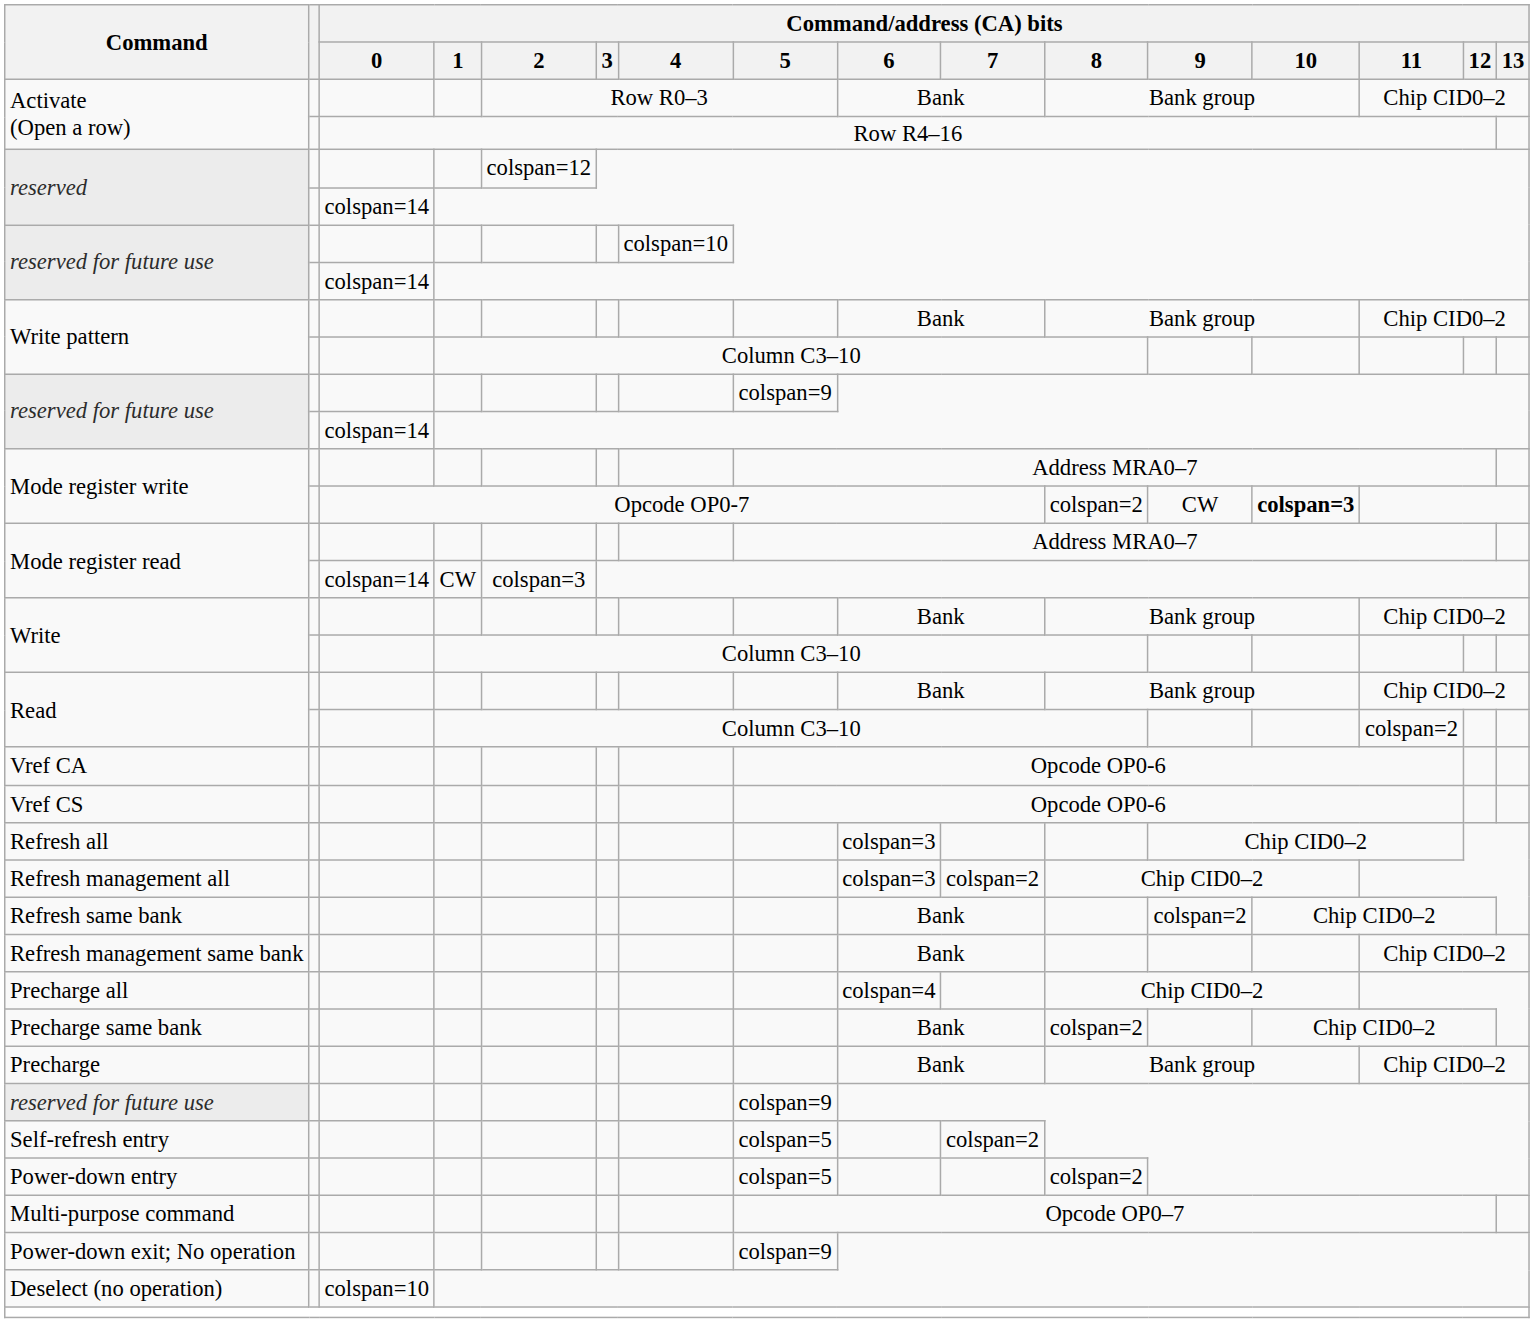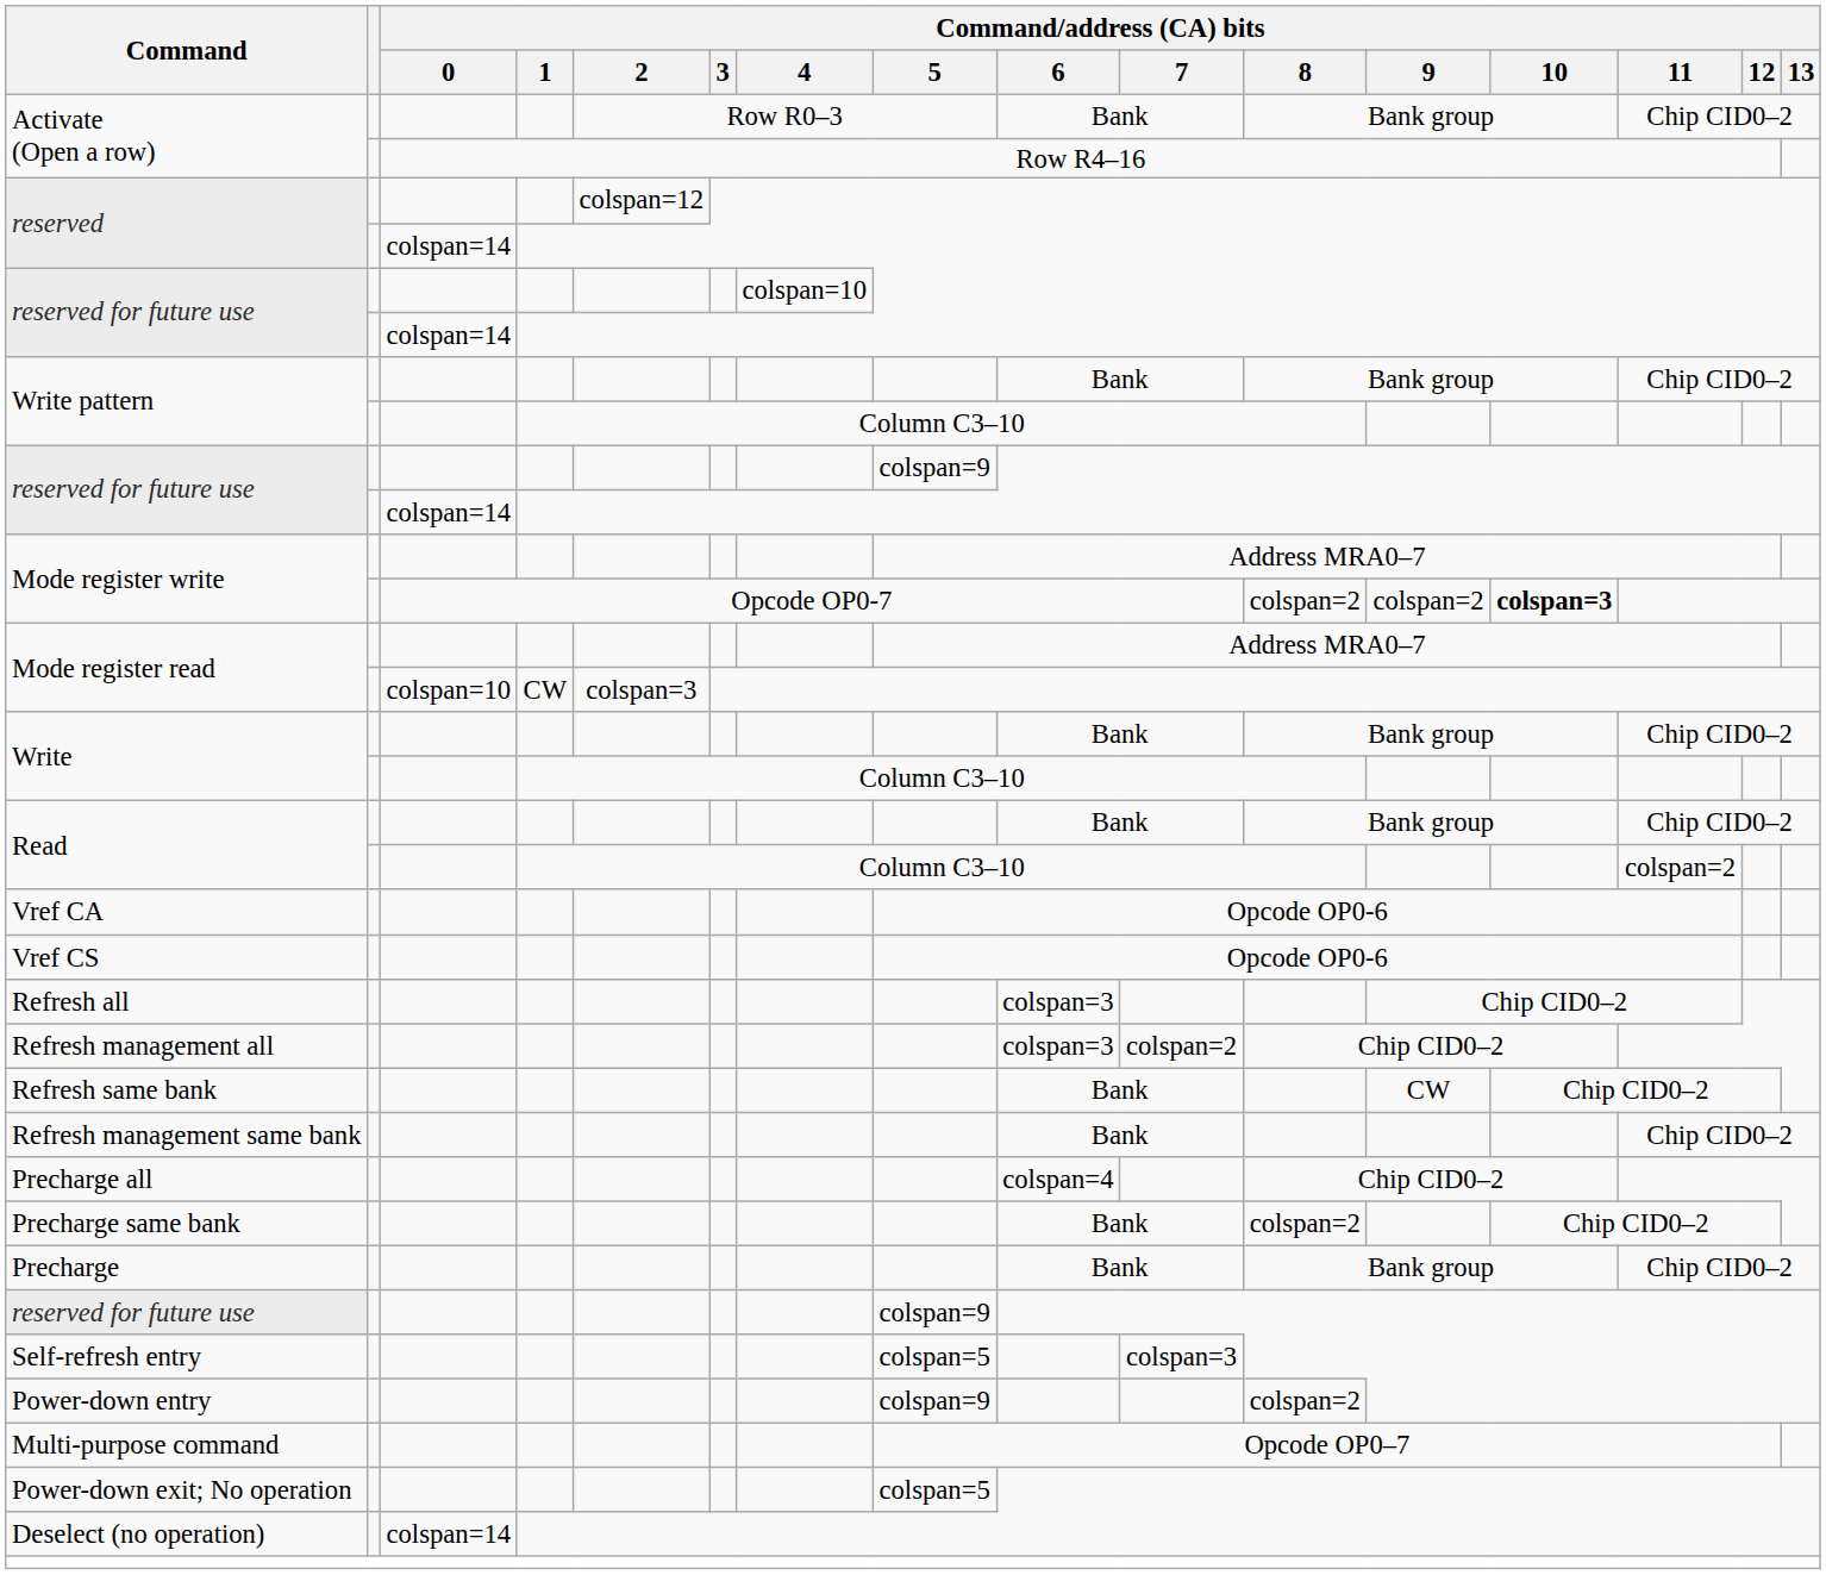 <table class="wikitable plainrowheaders" style= "text-align: center; font-size: 95%;">
 <tr>
 <th rowspan=2>Command</th>
 <th rowspan=2></th>
 <th colspan=14>Command/address (CA) bits</th>
 </tr>
 <tr>
 <th>0</th>
 <th>1</th>
 <th>2</th>
 <th>3</th>
 <th>4</th>
 <th>5</th>
 <th>6</th>
 <th>7</th>
 <th>8</th>
 <th>9</th>
 <th>10</th>
 <th>11</th>
 <th>12</th>
 <th>13</th>
 </tr>
 <tr>
 <td style="text-align:left;" rowspan=2>Activate <br>(Open a row)</td>
 <td></td>
 <td></td>
 <td></td>
 <td colspan=4>Row R0–3</td>
 <td colspan=2>Bank</td>
 <td colspan=3>Bank group</td>
 <td colspan=3>Chip CID0–2</td>
 </tr>
 <tr style="line-height:100%">
 <td></td>
 <td colspan=13>Row R4–16</td>
 <td></td>
 </tr>
 <tr>
 <td style="text-align:left; background: #ececec; color: #2C2C2C;" rowspan=2><em>reserved</em></td>
 <td></td>
 <td></td>
 <td></td>
 <td>colspan=12 </td>
 </tr>
 <tr>
 <td></td>
 <td>colspan=14 </td>
 </tr>
 <tr>
 <td style="text-align:left; background: #ececec; color: #2C2C2C;" rowspan=2><em>reserved for future use</em></td>
 <td></td>
 <td></td>
 <td></td>
 <td></td>
 <td></td>
 <td>colspan=10 </td>
 </tr>
 <tr>
 <td></td>
 <td>colspan=14 </td>
 </tr>
 <tr>
 <td style="text-align:left;" rowspan=2>Write pattern</td>
 <td></td>
 <td></td>
 <td></td>
 <td></td>
 <td></td>
 <td></td>
 <td></td>
 <td colspan=2>Bank</td>
 <td colspan=3>Bank group</td>
 <td colspan=3>Chip CID0–2</td>
 </tr>
 <tr>
 <td></td>
 <td></td>
 <td colspan=8>Column C3–10</td>
 <td></td>
 <td></td>
 <td></td>
 <td></td>
 <td></td>
 </tr>
 <tr>
 <td style="text-align:left; background: #ececec; color: #2C2C2C;" rowspan=2><em>reserved for future use</em></td>
 <td></td>
 <td></td>
 <td></td>
 <td></td>
 <td></td>
 <td></td>
 <td>colspan=9 </td>
 </tr>
 <tr>
 <td></td>
 <td>colspan=14 </td>
 </tr>
 <tr>
 <td style="text-align:left;" rowspan=2>Mode register write</td>
 <td></td>
 <td></td>
 <td></td>
 <td></td>
 <td></td>
 <td></td>
 <td colspan=8>Address MRA0–7</td>
 <td></td>
 </tr>
 <tr>
 <td></td>
 <td colspan=8>Opcode OP0-7</td>
 <td>colspan=2 </td>
-<td>CW</td>
+<td>colspan=2 </td>
 <td><strong>colspan=3 </strong></td>
 </tr>
 <tr>
 <td style="text-align:left;" rowspan=2>Mode register read</td>
 <td></td>
 <td></td>
 <td></td>
 <td></td>
 <td></td>
 <td></td>
 <td colspan=8>Address MRA0–7</td>
 <td></td>
 </tr>
 <tr>
 <td></td>
-<td>colspan=14 </td>
+<td>colspan=10 </td>
 <td>CW</td>
 <td>colspan=3 </td>
 </tr>
 <tr>
 <td style="text-align:left;" rowspan=2>Write</td>
 <td></td>
 <td></td>
 <td></td>
 <td></td>
 <td></td>
 <td></td>
 <td></td>
 <td colspan=2>Bank</td>
 <td colspan=3>Bank group</td>
 <td colspan=3>Chip CID0–2</td>
 </tr>
 <tr>
 <td></td>
 <td></td>
 <td colspan=8>Column C3–10</td>
 <td></td>
 <td></td>
 <td></td>
 <td></td>
 <td></td>
 </tr>
 <tr>
 <td style="text-align:left;" rowspan=2>Read</td>
 <td></td>
 <td></td>
 <td></td>
 <td></td>
 <td></td>
 <td></td>
 <td></td>
 <td colspan=2>Bank</td>
 <td colspan=3>Bank group</td>
 <td colspan=3>Chip CID0–2</td>
 </tr>
 <tr>
 <td></td>
 <td></td>
 <td colspan=8>Column C3–10</td>
 <td></td>
 <td></td>
 <td>colspan=2 </td>
 <td></td>
 </tr>
 <tr>
 <td style="text-align:left;">Vref CA</td>
 <td></td>
 <td></td>
 <td></td>
 <td></td>
 <td></td>
 <td></td>
 <td colspan=7>Opcode OP0-6</td>
 <td></td>
 <td></td>
 </tr>
 <tr>
 <td style="text-align:left;">Vref CS</td>
 <td></td>
 <td></td>
 <td></td>
 <td></td>
 <td></td>
 <td></td>
 <td colspan=7>Opcode OP0-6</td>
 <td></td>
 <td></td>
 </tr>
 <tr>
 <td style="text-align:left;">Refresh all</td>
 <td></td>
 <td></td>
 <td></td>
 <td></td>
 <td></td>
 <td></td>
 <td></td>
 <td>colspan=3 </td>
 <td></td>
 <td></td>
 <td colspan=3>Chip CID0–2</td>
 </tr>
 <tr>
 <td style="text-align:left;">Refresh management all</td>
 <td></td>
 <td></td>
 <td></td>
 <td></td>
 <td></td>
 <td></td>
 <td></td>
 <td>colspan=3 </td>
 <td>colspan=2 </td>
 <td colspan=3>Chip CID0–2</td>
 </tr>
 <tr>
 <td style="text-align:left;">Refresh same bank</td>
 <td></td>
 <td></td>
 <td></td>
 <td></td>
 <td></td>
 <td></td>
 <td></td>
 <td colspan=2>Bank</td>
 <td></td>
-<td>colspan=2 </td>
+<td>CW</td>
 <td colspan=3>Chip CID0–2</td>
 </tr>
 <tr>
 <td style="text-align:left;">Refresh management same bank</td>
 <td></td>
 <td></td>
 <td></td>
 <td></td>
 <td></td>
 <td></td>
 <td></td>
 <td colspan=2>Bank</td>
 <td></td>
 <td></td>
 <td></td>
 <td colspan=3>Chip CID0–2</td>
 </tr>
 <tr>
 <td style="text-align:left;">Precharge all</td>
 <td></td>
 <td></td>
 <td></td>
 <td></td>
 <td></td>
 <td></td>
 <td></td>
 <td>colspan=4 </td>
 <td></td>
 <td colspan=3>Chip CID0–2</td>
 </tr>
 <tr>
 <td style="text-align:left;">Precharge same bank</td>
 <td></td>
 <td></td>
 <td></td>
 <td></td>
 <td></td>
 <td></td>
 <td></td>
 <td colspan=2>Bank</td>
 <td>colspan=2 </td>
 <td></td>
 <td colspan=3>Chip CID0–2</td>
 </tr>
 <tr>
 <td style="text-align:left;">Precharge</td>
 <td></td>
 <td></td>
 <td></td>
 <td></td>
 <td></td>
 <td></td>
 <td></td>
 <td colspan=2>Bank</td>
 <td colspan=3>Bank group</td>
 <td colspan=3>Chip CID0–2</td>
 </tr>
 <tr>
 <td style="text-align:left; background: #ececec; color: #2C2C2C;"><em>reserved for future use</em></td>
 <td></td>
 <td></td>
 <td></td>
 <td></td>
 <td></td>
 <td></td>
 <td>colspan=9 </td>
 </tr>
 <tr>
 <td style="text-align:left;">Self-refresh entry</td>
 <td></td>
 <td></td>
 <td></td>
 <td></td>
 <td></td>
 <td></td>
 <td>colspan=5 </td>
 <td></td>
-<td>colspan=2 </td>
+<td>colspan=3 </td>
 </tr>
 <tr>
 <td style="text-align:left;">Power-down entry</td>
 <td></td>
 <td></td>
 <td></td>
 <td></td>
 <td></td>
 <td></td>
-<td>colspan=5 </td>
+<td>colspan=9 </td>
 <td></td>
 <td></td>
 <td>colspan=2 </td>
 </tr>
 <tr>
 <td style="text-align:left;">Multi-purpose command</td>
 <td></td>
 <td></td>
 <td></td>
 <td></td>
 <td></td>
 <td></td>
 <td colspan=8>Opcode OP0–7</td>
 <td></td>
 </tr>
 <tr>
 <td style="text-align:left;">Power-down exit; No operation</td>
 <td></td>
 <td></td>
 <td></td>
 <td></td>
 <td></td>
 <td></td>
-<td>colspan=9 </td>
+<td>colspan=5 </td>
 </tr>
 <tr>
 <td style="text-align:left;">Deselect (no operation)</td>
 <td></td>
-<td>colspan=10 </td>
+<td>colspan=14 </td>
 </tr>
 <tr>
 <td colspan=16 style="background-color:#FFF;"><small></small></td>
 </tr>
 </table>
